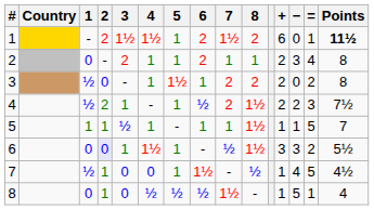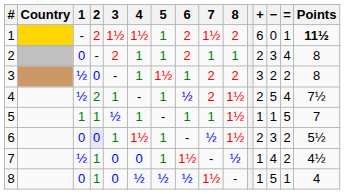 <table class="wikitable" style="text-align:center">
 <tr>
 <th>#</th>
 <th>Country</th>
 <th>1</th>
 <th>2</th>
 <th>3</th>
 <th>4</th>
 <th>5</th>
 <th>6</th>
 <th>7</th>
 <th>8</th>
 <th></th>
 <th>+</th>
 <th>−</th>
 <th>=</th>
 <th>Points</th>
 </tr>
 <tr>
 <td>1</td>
 <td align=left bgcolor="gold"></td>
 <td>-</td>
 <td style="color:red;">2</td>
 <td style="color:red;">1½</td>
 <td style="color:red;">1½</td>
 <td style="color:green;">1</td>
 <td style="color:red;">2</td>
 <td style="color:red;">1½</td>
 <td style="color:red;">2</td>
 <th></th>
 <td>6</td>
 <td>0</td>
 <td>1</td>
 <td><strong>11½</strong></td>
 </tr>
 <tr>
 <td>2</td>
 <td align=left bgcolor="silver"></td>
 <td style="color:blue;">0</td>
 <td>-</td>
 <td style="color:red;">2</td>
 <td style="color:green;">1</td>
 <td style="color:green;">1</td>
 <td style="color:red;">2</td>
 <td style="color:green;">1</td>
 <td style="color:green;">1</td>
 <th></th>
 <td>2</td>
 <td>3</td>
 <td>4</td>
 <td>8</td>
 </tr>
 <tr>
 <td>3</td>
 <td align=left bgcolor="CC9966"></td>
 <td style="color:blue;">½</td>
 <td style="color:blue;">0</td>
 <td>-</td>
 <td style="color:green;">1</td>
 <td style="color:red;">1½</td>
 <td style="color:green;">1</td>
 <td style="color:red;">2</td>
 <td style="color:red;">2</td>
 <th></th>
+<td>3</td>
 <td>2</td>
-<td>0</td>
 <td>2</td>
 <td>8</td>
 </tr>
 <tr>
 <td>4</td>
 <td style="text-align: left"></td>
 <td style="color:blue;">½</td>
 <td style="color:green;">2</td>
 <td style="color:green;">1</td>
 <td>-</td>
 <td style="color:green;">1</td>
 <td style="color:blue;">½</td>
 <td style="color:red;">2</td>
 <td style="color:red;">1½</td>
 <th></th>
 <td>2</td>
-<td>2</td>
-<td>3</td>
+<td>5</td>
+<td>4</td>
 <td>7½</td>
 </tr>
 <tr>
 <td>5</td>
 <td style="text-align: left"></td>
 <td style="color:green;">1</td>
 <td style="color:green;">1</td>
 <td style="color:blue;">½</td>
 <td style="color:green;">1</td>
 <td>-</td>
 <td style="color:green;">1</td>
 <td style="color:green;">1</td>
 <td style="color:red;">1½</td>
 <th></th>
 <td>1</td>
 <td>1</td>
 <td>5</td>
 <td>7</td>
 </tr>
 <tr>
 <td>6</td>
 <td style="text-align: left"></td>
 <td style="color:blue;">0</td>
 <td style="background: lavender; color:blue;">0</td>
 <td style="color:green;">1</td>
 <td style="color:red;">1½</td>
 <td style="color:green;">1</td>
 <td>-</td>
 <td style="color:blue;">½</td>
 <td style="color:red;">1½</td>
 <th></th>
-<td>3</td>
+<td>2</td>
 <td>3</td>
 <td>2</td>
 <td>5½</td>
 </tr>
 <tr>
 <td>7</td>
 <td style="text-align: left"></td>
 <td style="color:blue;">½</td>
 <td style="color:green;">1</td>
 <td style="color:blue;">0</td>
 <td style="color:blue;">0</td>
 <td style="color:green;">1</td>
 <td style="color:red;">1½</td>
 <td>-</td>
 <td style="color:blue;">½</td>
 <th></th>
 <td>1</td>
 <td>4</td>
-<td>5</td>
+<td>2</td>
 <td>4½</td>
 </tr>
 <tr>
 <td>8</td>
 <td style="text-align: left"></td>
 <td style="color:blue;">0</td>
 <td style="color:green;">1</td>
 <td style="color:blue;">0</td>
 <td style="color:blue;">½</td>
 <td style="color:blue;">½</td>
 <td style="color:blue;">½</td>
 <td style="color:red;">1½</td>
 <td>-</td>
 <th></th>
 <td>1</td>
 <td>5</td>
 <td>1</td>
 <td>4</td>
 </tr>
 </table>
